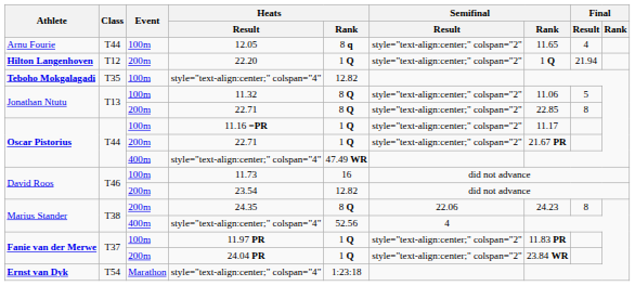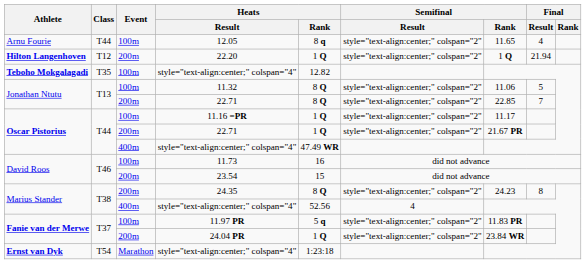 <table class=wikitable style="font-size:90%">
 <tr>
 <th rowspan="2">Athlete</th>
 <th rowspan="2">Class</th>
 <th rowspan="2">Event</th>
 <th colspan="2">Heats</th>
 <th colspan="2">Semifinal</th>
 <th colspan="3">Final</th>
 </tr>
 <tr>
 <th>Result</th>
 <th>Rank</th>
 <th>Result</th>
 <th>Rank</th>
 <th>Result</th>
 <th>Rank</th>
 </tr>
 <tr>
 <td><a href='#'>Arnu Fourie</a></td>
 <td style="text-align:center;">T44</td>
 <td><a href='#'>100m</a></td>
 <td style="text-align:center;">12.05</td>
 <td style="text-align:center;">8 <strong>q</strong></td>
 <td>style="text-align:center;" colspan="2" </td>
 <td style="text-align:center;">11.65</td>
 <td style="text-align:center;">4</td>
 </tr>
 <tr>
 <td><strong><a href='#'>Hilton Langenhoven</a></strong></td>
 <td style="text-align:center;">T12</td>
 <td><a href='#'>200m</a></td>
 <td style="text-align:center;">22.20</td>
 <td style="text-align:center;">1 <strong>Q</strong></td>
 <td>style="text-align:center;" colspan="2" </td>
 <td style="text-align:center;">1 <strong>Q</strong></td>
 <td style="text-align:center;">21.94</td>
 <td style="text-align:center;"></td>
 </tr>
 <tr>
 <td><strong><a href='#'>Teboho Mokgalagadi</a></strong></td>
 <td style="text-align:center;">T35</td>
 <td><a href='#'>100m</a></td>
 <td>style="text-align:center;" colspan="4" </td>
 <td style="text-align:center;">12.82</td>
 <td style="text-align:center;"></td>
 </tr>
 <tr>
 <td rowspan="2"><a href='#'>Jonathan Ntutu</a></td>
 <td rowspan="2" style="text-align:center;">T13</td>
 <td><a href='#'>100m</a></td>
 <td style="text-align:center;">11.32</td>
 <td style="text-align:center;">8 <strong>Q</strong></td>
 <td>style="text-align:center;" colspan="2" </td>
 <td style="text-align:center;">11.06</td>
 <td style="text-align:center;">5</td>
 </tr>
 <tr>
 <td><a href='#'>200m</a></td>
 <td style="text-align:center;">22.71</td>
 <td style="text-align:center;">8 <strong>Q</strong></td>
 <td>style="text-align:center;" colspan="2" </td>
 <td style="text-align:center;">22.85</td>
-<td style="text-align:center;">8</td>
+<td style="text-align:center;">7</td>
 </tr>
 <tr>
 <td rowspan="3"><strong><a href='#'>Oscar Pistorius</a></strong></td>
 <td rowspan="3" style="text-align:center;">T44</td>
 <td><a href='#'>100m</a></td>
 <td style="text-align:center;">11.16 <strong>=PR</strong></td>
 <td style="text-align:center;">1 <strong>Q</strong></td>
 <td>style="text-align:center;" colspan="2" </td>
 <td style="text-align:center;">11.17</td>
 <td style="text-align:center;"></td>
 </tr>
 <tr>
 <td><a href='#'>200m</a></td>
 <td style="text-align:center;">22.71</td>
 <td style="text-align:center;">1 <strong>Q</strong></td>
 <td>style="text-align:center;" colspan="2" </td>
 <td style="text-align:center;">21.67 <strong>PR</strong></td>
 <td style="text-align:center;"></td>
 </tr>
 <tr>
 <td><a href='#'>400m</a></td>
 <td>style="text-align:center;" colspan="4" </td>
 <td style="text-align:center;">47.49 <strong>WR</strong></td>
 <td style="text-align:center;"></td>
 </tr>
 <tr>
 <td rowspan="2"><a href='#'>David Roos</a></td>
 <td rowspan="2" style="text-align:center;">T46</td>
 <td><a href='#'>100m</a></td>
 <td style="text-align:center;">11.73</td>
 <td style="text-align:center;">16</td>
 <td style="text-align:center;" colspan="4">did not advance</td>
 </tr>
 <tr>
 <td><a href='#'>200m</a></td>
 <td style="text-align:center;">23.54</td>
-<td style="text-align:center;">12.82</td>
+<td style="text-align:center;">15</td>
 <td style="text-align:center;" colspan="4">did not advance</td>
 </tr>
 <tr>
 <td rowspan="2"><a href='#'>Marius Stander</a></td>
 <td rowspan="2" style="text-align:center;">T38</td>
 <td><a href='#'>200m</a></td>
 <td style="text-align:center;">24.35</td>
 <td style="text-align:center;">8 <strong>Q</strong></td>
-<td style="text-align:center;">22.06</td>
+<td>style="text-align:center;" colspan="2" </td>
 <td style="text-align:center;">24.23</td>
 <td style="text-align:center;">8</td>
 </tr>
 <tr>
 <td><a href='#'>400m</a></td>
 <td>style="text-align:center;" colspan="4" </td>
 <td style="text-align:center;">52.56</td>
 <td style="text-align:center;">4</td>
 </tr>
 <tr>
 <td rowspan="2"><strong><a href='#'>Fanie van der Merwe</a></strong></td>
 <td rowspan="2" style="text-align:center;">T37</td>
 <td><a href='#'>100m</a></td>
 <td style="text-align:center;">11.97 <strong>PR</strong></td>
-<td style="text-align:center;">1 <strong>Q</strong></td>
+<td style="text-align:center;">5 <strong>q</strong></td>
 <td>style="text-align:center;" colspan="2" </td>
 <td style="text-align:center;">11.83 <strong>PR</strong></td>
 <td style="text-align:center;"></td>
 </tr>
 <tr>
 <td><a href='#'>200m</a></td>
 <td style="text-align:center;">24.04 <strong>PR</strong></td>
 <td style="text-align:center;">1 <strong>Q</strong></td>
 <td>style="text-align:center;" colspan="2" </td>
 <td style="text-align:center;">23.84 <strong>WR</strong></td>
 <td style="text-align:center;"></td>
 </tr>
 <tr>
 <td><strong><a href='#'>Ernst van Dyk</a></strong></td>
 <td style="text-align:center;">T54</td>
 <td><a href='#'>Marathon</a></td>
 <td>style="text-align:center;" colspan="4" </td>
 <td style="text-align:center;">1:23:18</td>
 <td style="text-align:center;"></td>
 </tr>
 </table>
